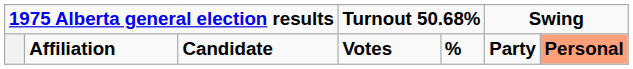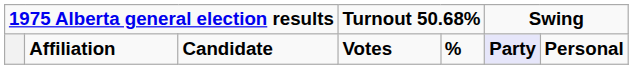 <table class="wikitable">
 <tr>
 <td colspan="3" align=center><strong><a href='#'>1975 Alberta general election</a> results</strong></td>
 <td colspan="2"><strong>Turnout 50.68%</strong></td>
 <td colspan="2" align=center><strong>Swing</strong></td>
 </tr>
 <tr>
 <th style="width: 10px;"></th>
 <td><strong>Affiliation</strong></td>
 <td><strong>Candidate</strong></td>
 <td><strong>Votes</strong></td>
 <td><strong>%</strong></td>
-<td><strong>Party</strong></td>
-<td style="background: lightsalmon;"><strong>Personal</strong><br>        </td>
+<td style="background: lavender;"><strong>Party</strong></td>
+<td><strong>Personal</strong><br>        </td>
 </tr>
 </table>
